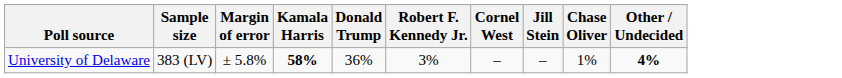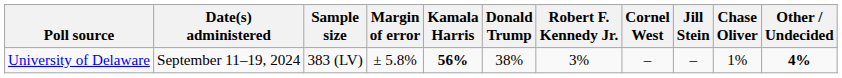 <table class="wikitable sortable mw-datatable" style="font-size:90%;text-align:center;line-height:17px">
 <tr valign=bottom>
 <th>Poll source</th>
+<th>Date(s)<br>administered</th>
 <th>Sample<br>size</th>
 <th>Margin<br>of error</th>
 <th class="unsortable">Kamala<br>Harris<br></th>
 <th class="unsortable">Donald<br>Trump<br></th>
 <th class="unsortable">Robert F.<br>Kennedy Jr.<br></th>
 <th class="unsortable">Cornel<br>West<br></th>
 <th class="unsortable">Jill<br>Stein<br></th>
 <th class="unsortable">Chase<br>Oliver<br></th>
 <th class="unsortable">Other /<br>Undecided</th>
 </tr>
 <tr>
 <td style="text-align:left;"><a href='#'>University of Delaware</a></td>
+<td data-sort-value="2024-09-19">September 11–19, 2024</td>
 <td>383 (LV)</td>
 <td>± 5.8%</td>
-<td style="color:black;background-color:"><strong>58%</strong></td>
-<td>36%</td>
+<td style="color:black;background-color:"><strong>56%</strong></td>
+<td>38%</td>
 <td>3%</td>
 <td>–</td>
 <td>–</td>
 <td>1%</td>
 <td><strong>4%</strong></td>
 </tr>
 </table>
